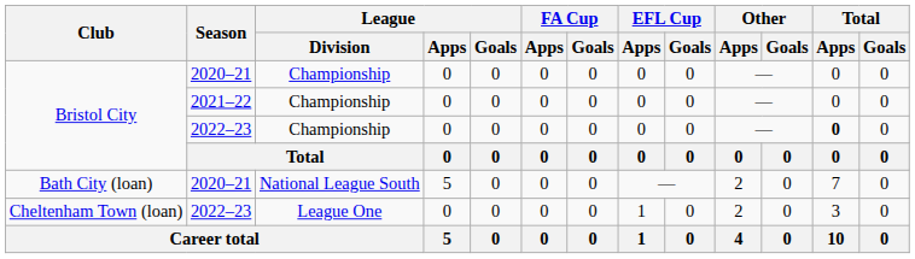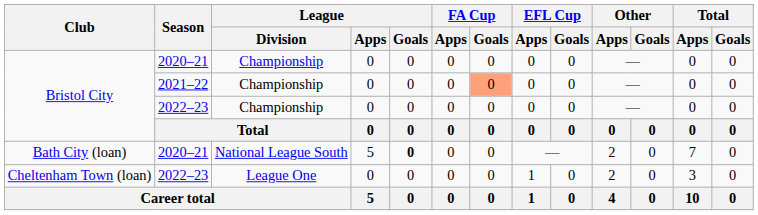 <table class=wikitable style="text-align: center">
 <tr>
 <th rowspan=2>Club</th>
 <th rowspan=2>Season</th>
 <th colspan=3>League</th>
 <th colspan=2><a href='#'>FA Cup</a></th>
 <th colspan=2><a href='#'>EFL Cup</a></th>
 <th colspan=2>Other</th>
 <th colspan=2>Total</th>
 </tr>
 <tr>
 <th>Division</th>
 <th>Apps</th>
 <th>Goals</th>
 <th>Apps</th>
 <th>Goals</th>
 <th>Apps</th>
 <th>Goals</th>
 <th>Apps</th>
 <th>Goals</th>
 <th>Apps</th>
 <th>Goals</th>
 </tr>
 <tr>
 <td rowspan=4><a href='#'>Bristol City</a></td>
 <td><a href='#'>2020–21</a></td>
 <td><a href='#'>Championship</a></td>
 <td>0</td>
 <td>0</td>
 <td>0</td>
 <td>0</td>
 <td>0</td>
 <td>0</td>
 <td colspan=2>—</td>
 <td>0</td>
 <td>0</td>
 </tr>
 <tr>
 <td><a href='#'>2021–22</a></td>
 <td>Championship</td>
 <td>0</td>
 <td>0</td>
 <td>0</td>
-<td>0</td>
+<td style="background: lightsalmon;">0</td>
 <td>0</td>
 <td>0</td>
 <td colspan=2>—</td>
 <td>0</td>
 <td>0</td>
 </tr>
 <tr>
 <td><a href='#'>2022–23</a></td>
 <td>Championship</td>
 <td>0</td>
 <td>0</td>
 <td>0</td>
 <td>0</td>
 <td>0</td>
 <td>0</td>
 <td colspan=2>—</td>
-<td><strong>0</strong></td>
+<td>0</td>
 <td>0</td>
 </tr>
 <tr>
 <th colspan=2>Total</th>
 <th>0</th>
 <th>0</th>
 <th>0</th>
 <th>0</th>
 <th>0</th>
 <th>0</th>
 <th>0</th>
 <th>0</th>
 <th>0</th>
 <th>0</th>
 </tr>
 <tr>
 <td><a href='#'>Bath City</a> (loan)</td>
 <td><a href='#'>2020–21</a></td>
 <td><a href='#'>National League South</a></td>
 <td>5</td>
-<td>0</td>
+<td><strong>0</strong></td>
 <td>0</td>
 <td>0</td>
 <td colspan=2>—</td>
 <td>2</td>
 <td>0</td>
 <td>7</td>
 <td>0</td>
 </tr>
 <tr>
 <td><a href='#'>Cheltenham Town</a> (loan)</td>
 <td><a href='#'>2022–23</a></td>
 <td><a href='#'>League One</a></td>
 <td>0</td>
 <td>0</td>
 <td>0</td>
 <td>0</td>
 <td>1</td>
 <td>0</td>
 <td>2</td>
 <td>0</td>
 <td>3</td>
 <td>0</td>
 </tr>
 <tr>
 <th colspan=3>Career total</th>
 <th>5</th>
 <th>0</th>
 <th>0</th>
 <th>0</th>
 <th>1</th>
 <th>0</th>
 <th>4</th>
 <th>0</th>
 <th>10</th>
 <th>0</th>
 </tr>
 </table>
